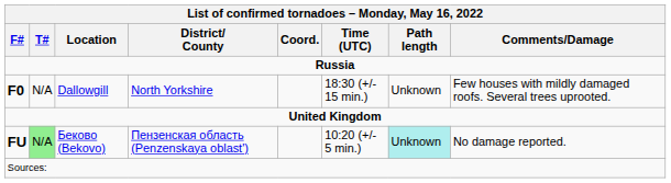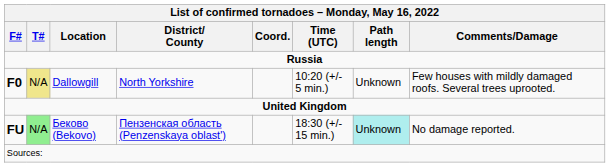 <table class="wikitable collapsible" width="100%">
 <tr>
 <th colspan="8">List of confirmed tornadoes – Monday, May 16, 2022</th>
 </tr>
 <tr>
 <th><a href='#'>F#</a></th>
 <th><a href='#'>T#</a></th>
 <th>Location</th>
 <th>District/<br>County</th>
 <th>Coord.</th>
 <th>Time (UTC)</th>
 <th>Path length</th>
 <th>Comments/Damage</th>
 </tr>
 <tr>
 <td colspan="8" align=center><strong>Russia</strong></td>
 </tr>
 <tr>
 <td><big><strong>F0</strong></big></td>
-<td>N/A</td>
+<td style="background: khaki;">N/A</td>
 <td><a href='#'>Dallowgill</a></td>
 <td><a href='#'>North Yorkshire</a></td>
 <td></td>
-<td>18:30 (+/- 15 min.)</td>
+<td>10:20 (+/- 5 min.)</td>
 <td>Unknown</td>
 <td>Few houses with mildly damaged roofs. Several trees uprooted.</td>
 </tr>
 <tr>
 <td colspan="8" align=center><strong>United Kingdom</strong></td>
 </tr>
 <tr>
 <td><big><strong>FU</strong></big></td>
 <td style="background: lightgreen;">N/A</td>
 <td><a href='#'>Беково (Bekovo)</a></td>
 <td><a href='#'>Пензенская область (Penzenskaya oblast')</a></td>
 <td></td>
-<td>10:20 (+/- 5 min.)</td>
+<td>18:30 (+/- 15 min.)</td>
 <td style="background: paleturquoise;">Unknown</td>
 <td>No damage reported.</td>
 </tr>
 <tr>
 <td colspan="8"><small>Sources:  </small></td>
 </tr>
 </table>
